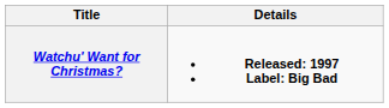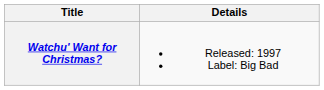 <table class="wikitable plainrowheaders" style="text-align:center;" border="1">
 <tr>
 <th scope="col" rowspan="1" style="width:12em;">Title</th>
 <th scope="col" rowspan="1" style="width:16em;">Details</th>
 </tr>
 <tr>
 <th scope="row"><em><a href='#'>Watchu' Want for Christmas?</a></em></th>
-<td><strong><br><ul><li>Released: 1997</li><li>Label: Big Bad</li></ul></strong></td>
+<td><br><ul><li>Released: 1997</li><li>Label: Big Bad</li></ul></td>
 </tr>
 </table>
